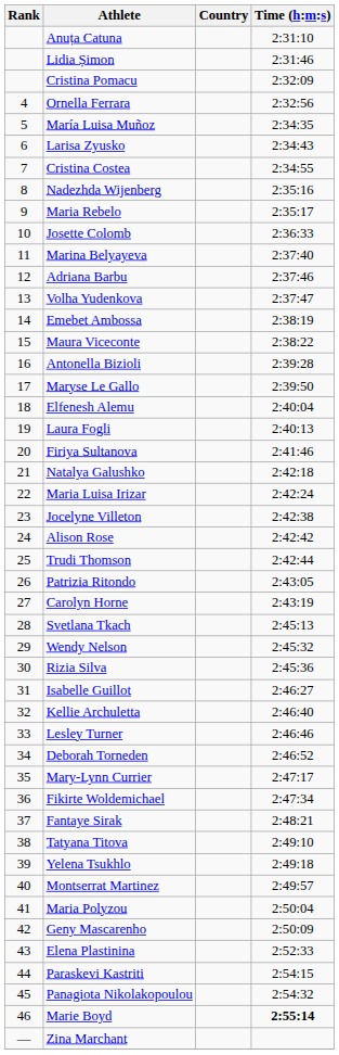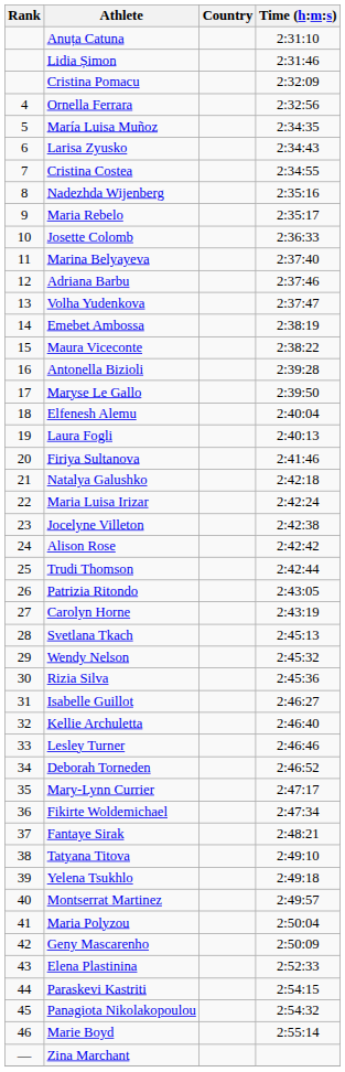 <table class="wikitable sortable" style="text-align:center;">
 <tr>
 <th>Rank</th>
 <th>Athlete</th>
 <th>Country</th>
 <th>Time (<a href='#'>h</a>:<a href='#'>m</a>:<a href='#'>s</a>)</th>
 </tr>
 <tr>
 <td></td>
 <td align=left><a href='#'>Anuța Catuna</a></td>
 <td align=left></td>
 <td>2:31:10</td>
 </tr>
 <tr>
 <td></td>
 <td align=left><a href='#'>Lidia Șimon</a></td>
 <td align=left></td>
 <td>2:31:46</td>
 </tr>
 <tr>
 <td></td>
 <td align=left><a href='#'>Cristina Pomacu</a></td>
 <td align=left></td>
 <td>2:32:09</td>
 </tr>
 <tr>
 <td>4</td>
 <td align=left><a href='#'>Ornella Ferrara</a></td>
 <td align=left></td>
 <td>2:32:56</td>
 </tr>
 <tr>
 <td>5</td>
 <td align=left><a href='#'>María Luisa Muñoz</a></td>
 <td align=left></td>
 <td>2:34:35</td>
 </tr>
 <tr>
 <td>6</td>
 <td align=left><a href='#'>Larisa Zyusko</a></td>
 <td align=left></td>
 <td>2:34:43</td>
 </tr>
 <tr>
 <td>7</td>
 <td align=left><a href='#'>Cristina Costea</a></td>
 <td align=left></td>
 <td>2:34:55</td>
 </tr>
 <tr>
 <td>8</td>
 <td align=left><a href='#'>Nadezhda Wijenberg</a></td>
 <td align=left></td>
 <td>2:35:16</td>
 </tr>
 <tr>
 <td>9</td>
 <td align=left><a href='#'>Maria Rebelo</a></td>
 <td align=left></td>
 <td>2:35:17</td>
 </tr>
 <tr>
 <td>10</td>
 <td align=left><a href='#'>Josette Colomb</a></td>
 <td align=left></td>
 <td>2:36:33</td>
 </tr>
 <tr>
 <td>11</td>
 <td align=left><a href='#'>Marina Belyayeva</a></td>
 <td align=left></td>
 <td>2:37:40</td>
 </tr>
 <tr>
 <td>12</td>
 <td align=left><a href='#'>Adriana Barbu</a></td>
 <td align=left></td>
 <td>2:37:46</td>
 </tr>
 <tr>
 <td>13</td>
 <td align=left><a href='#'>Volha Yudenkova</a></td>
 <td align=left></td>
 <td>2:37:47</td>
 </tr>
 <tr>
 <td>14</td>
 <td align=left><a href='#'>Emebet Ambossa</a></td>
 <td align=left></td>
 <td>2:38:19</td>
 </tr>
 <tr>
 <td>15</td>
 <td align=left><a href='#'>Maura Viceconte</a></td>
 <td align=left></td>
 <td>2:38:22</td>
 </tr>
 <tr>
 <td>16</td>
 <td align=left><a href='#'>Antonella Bizioli</a></td>
 <td align=left></td>
 <td>2:39:28</td>
 </tr>
 <tr>
 <td>17</td>
 <td align=left><a href='#'>Maryse Le Gallo</a></td>
 <td align=left></td>
 <td>2:39:50</td>
 </tr>
 <tr>
 <td>18</td>
 <td align=left><a href='#'>Elfenesh Alemu</a></td>
 <td align=left></td>
 <td>2:40:04</td>
 </tr>
 <tr>
 <td>19</td>
 <td align=left><a href='#'>Laura Fogli</a></td>
 <td align=left></td>
 <td>2:40:13</td>
 </tr>
 <tr>
 <td>20</td>
 <td align=left><a href='#'>Firiya Sultanova</a></td>
 <td align=left></td>
 <td>2:41:46</td>
 </tr>
 <tr>
 <td>21</td>
 <td align=left><a href='#'>Natalya Galushko</a></td>
 <td align=left></td>
 <td>2:42:18</td>
 </tr>
 <tr>
 <td>22</td>
 <td align=left><a href='#'>Maria Luisa Irizar</a></td>
 <td align=left></td>
 <td>2:42:24</td>
 </tr>
 <tr>
 <td>23</td>
 <td align=left><a href='#'>Jocelyne Villeton</a></td>
 <td align=left></td>
 <td>2:42:38</td>
 </tr>
 <tr>
 <td>24</td>
 <td align=left><a href='#'>Alison Rose</a></td>
 <td align=left></td>
 <td>2:42:42</td>
 </tr>
 <tr>
 <td>25</td>
 <td align=left><a href='#'>Trudi Thomson</a></td>
 <td align=left></td>
 <td>2:42:44</td>
 </tr>
 <tr>
 <td>26</td>
 <td align=left><a href='#'>Patrizia Ritondo</a></td>
 <td align=left></td>
 <td>2:43:05</td>
 </tr>
 <tr>
 <td>27</td>
 <td align=left><a href='#'>Carolyn Horne</a></td>
 <td align=left></td>
 <td>2:43:19</td>
 </tr>
 <tr>
 <td>28</td>
 <td align=left><a href='#'>Svetlana Tkach</a></td>
 <td align=left></td>
 <td>2:45:13</td>
 </tr>
 <tr>
 <td>29</td>
 <td align=left><a href='#'>Wendy Nelson</a></td>
 <td align=left></td>
 <td>2:45:32</td>
 </tr>
 <tr>
 <td>30</td>
 <td align=left><a href='#'>Rizia Silva</a></td>
 <td align=left></td>
 <td>2:45:36</td>
 </tr>
 <tr>
 <td>31</td>
 <td align=left><a href='#'>Isabelle Guillot</a></td>
 <td align=left></td>
 <td>2:46:27</td>
 </tr>
 <tr>
 <td>32</td>
 <td align=left><a href='#'>Kellie Archuletta</a></td>
 <td align=left></td>
 <td>2:46:40</td>
 </tr>
 <tr>
 <td>33</td>
 <td align=left><a href='#'>Lesley Turner</a></td>
 <td align=left></td>
 <td>2:46:46</td>
 </tr>
 <tr>
 <td>34</td>
 <td align=left><a href='#'>Deborah Torneden</a></td>
 <td align=left></td>
 <td>2:46:52</td>
 </tr>
 <tr>
 <td>35</td>
 <td align=left><a href='#'>Mary-Lynn Currier</a></td>
 <td align=left></td>
 <td>2:47:17</td>
 </tr>
 <tr>
 <td>36</td>
 <td align=left><a href='#'>Fikirte Woldemichael</a></td>
 <td align=left></td>
 <td>2:47:34</td>
 </tr>
 <tr>
 <td>37</td>
 <td align=left><a href='#'>Fantaye Sirak</a></td>
 <td align=left></td>
 <td>2:48:21</td>
 </tr>
 <tr>
 <td>38</td>
 <td align=left><a href='#'>Tatyana Titova</a></td>
 <td align=left></td>
 <td>2:49:10</td>
 </tr>
 <tr>
 <td>39</td>
 <td align=left><a href='#'>Yelena Tsukhlo</a></td>
 <td align=left></td>
 <td>2:49:18</td>
 </tr>
 <tr>
 <td>40</td>
 <td align=left><a href='#'>Montserrat Martinez</a></td>
 <td align=left></td>
 <td>2:49:57</td>
 </tr>
 <tr>
 <td>41</td>
 <td align=left><a href='#'>Maria Polyzou</a></td>
 <td align=left></td>
 <td>2:50:04</td>
 </tr>
 <tr>
 <td>42</td>
 <td align=left><a href='#'>Geny Mascarenho</a></td>
 <td align=left></td>
 <td>2:50:09</td>
 </tr>
 <tr>
 <td>43</td>
 <td align=left><a href='#'>Elena Plastinina</a></td>
 <td align=left></td>
 <td>2:52:33</td>
 </tr>
 <tr>
 <td>44</td>
 <td align=left><a href='#'>Paraskevi Kastriti</a></td>
 <td align=left></td>
 <td>2:54:15</td>
 </tr>
 <tr>
 <td>45</td>
 <td align=left><a href='#'>Panagiota Nikolakopoulou</a></td>
 <td align=left></td>
 <td>2:54:32</td>
 </tr>
 <tr>
 <td>46</td>
 <td align=left><a href='#'>Marie Boyd</a></td>
 <td align=left></td>
-<td><strong>2:55:14</strong></td>
+<td>2:55:14</td>
 </tr>
 <tr>
 <td>—</td>
 <td align=left><a href='#'>Zina Marchant</a></td>
 <td align=left></td>
 <td></td>
 </tr>
 <tr>
 </tr>
 </table>
